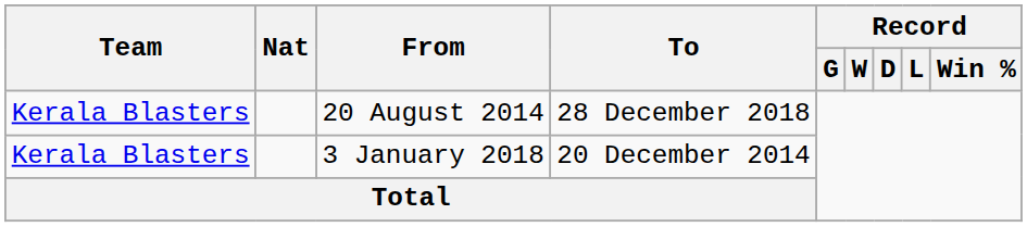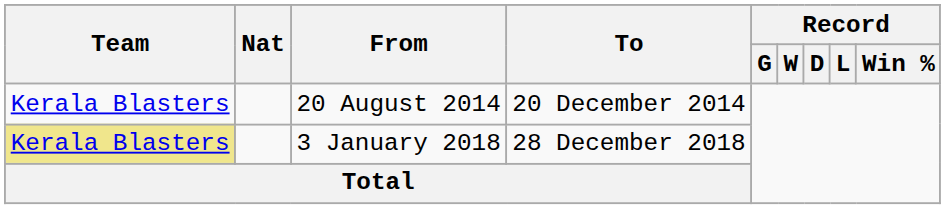 <table class="wikitable" style="text-align: center;">
 <tr>
 <th rowspan="2">Team</th>
 <th rowspan="2">Nat</th>
 <th rowspan="2">From</th>
 <th rowspan="2">To</th>
 <th colspan="5">Record</th>
 </tr>
 <tr>
 <th>G</th>
 <th>W</th>
 <th>D</th>
 <th>L</th>
 <th>Win %</th>
 </tr>
 <tr>
 <td align=left><a href='#'>Kerala Blasters</a></td>
 <td></td>
 <td align=left>20 August 2014</td>
-<td align=left>28 December 2018<br></td>
+<td align=left>20 December 2014<br></td>
 </tr>
 <tr>
-<td align=left><a href='#'>Kerala Blasters</a></td>
+<td align=left style="background: khaki;"><a href='#'>Kerala Blasters</a></td>
 <td></td>
 <td align=left>3 January 2018</td>
-<td align=left>20 December 2014<br></td>
+<td align=left>28 December 2018<br></td>
 </tr>
 <tr>
 <th colspan=4>Total<br></th>
 </tr>
 </table>
